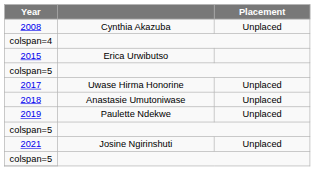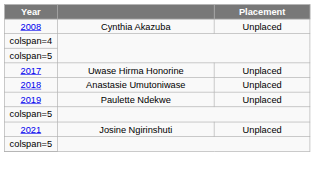 <table class="wikitable" style="font-size: 95%; text-align:center">
 <tr>
 <th width="80" style="background-color:#787878;color:#FFFFFF;">Year</th>
 <th width="250" style="background-color:#787878;color:#FFFFFF;"></th>
 <th width="150" style="background-color:#787878;color:#FFFFFF;">Placement</th>
 </tr>
 <tr>
 <td><a href='#'>2008</a></td>
 <td>Cynthia Akazuba</td>
 <td>Unplaced</td>
 </tr>
 <tr>
 <td>colspan=4 </td>
-</tr>
-<tr>
-<td><a href='#'>2015</a></td>
-<td>Erica Urwibutso</td>
-<td></td>
 </tr>
 <tr>
 <td>colspan=5 </td>
 </tr>
 <tr>
 <td><a href='#'>2017</a></td>
 <td>Uwase Hirma Honorine</td>
 <td>Unplaced</td>
 </tr>
 <tr>
 <td><a href='#'>2018</a></td>
 <td>Anastasie Umutoniwase</td>
 <td>Unplaced</td>
 </tr>
 <tr>
 <td><a href='#'>2019</a></td>
 <td>Paulette Ndekwe</td>
 <td>Unplaced</td>
 </tr>
 <tr>
 <td>colspan=5 </td>
 </tr>
 <tr>
 <td><a href='#'>2021</a></td>
 <td>Josine Ngirinshuti</td>
 <td>Unplaced</td>
 </tr>
 <tr>
 <td>colspan=5 </td>
 </tr>
 <tr>
 </tr>
 </table>
